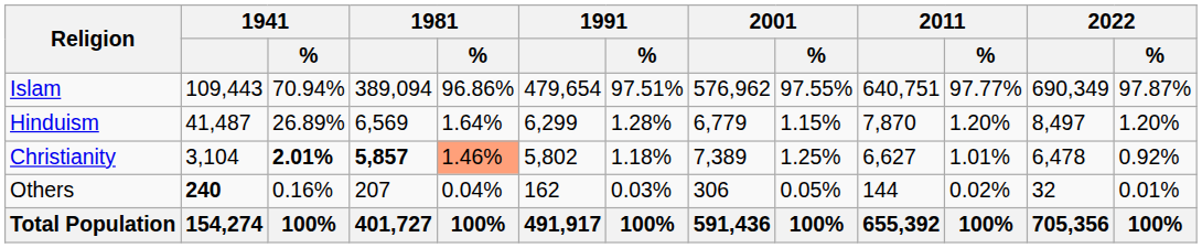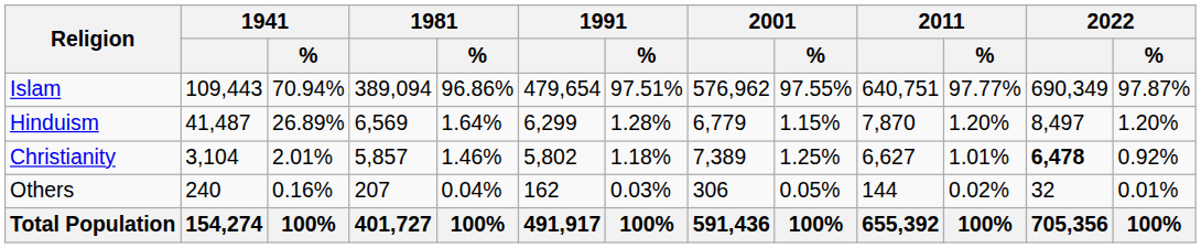 <table class="wikitable sortable">
 <tr>
 <th rowspan="2">Religion</th>
 <th colspan="2">1941</th>
 <th colspan="2">1981</th>
 <th colspan="2">1991</th>
 <th colspan="2">2001</th>
 <th colspan="2">2011</th>
 <th colspan="2">2022</th>
 </tr>
 <tr>
 <th></th>
 <th>%</th>
 <th></th>
 <th>%</th>
 <th></th>
 <th>%</th>
 <th></th>
 <th>%</th>
 <th></th>
 <th>%</th>
 <th></th>
 <th>%</th>
 </tr>
 <tr>
 <td><a href='#'>Islam</a> </td>
 <td>109,443</td>
 <td>70.94%</td>
 <td>389,094</td>
 <td>96.86%</td>
 <td>479,654</td>
 <td>97.51%</td>
 <td>576,962</td>
 <td>97.55%</td>
 <td>640,751</td>
 <td>97.77%</td>
 <td>690,349</td>
 <td>97.87%</td>
 </tr>
 <tr>
 <td><a href='#'>Hinduism</a> </td>
 <td>41,487</td>
 <td>26.89%</td>
 <td>6,569</td>
 <td>1.64%</td>
 <td>6,299</td>
 <td>1.28%</td>
 <td>6,779</td>
 <td>1.15%</td>
 <td>7,870</td>
 <td>1.20%</td>
 <td>8,497</td>
 <td>1.20%</td>
 </tr>
 <tr>
 <td><a href='#'>Christianity</a> </td>
 <td>3,104</td>
-<td><strong>2.01%</strong></td>
-<td><strong>5,857</strong></td>
-<td style="background: lightsalmon;">1.46%</td>
+<td>2.01%</td>
+<td>5,857</td>
+<td>1.46%</td>
 <td>5,802</td>
 <td>1.18%</td>
 <td>7,389</td>
 <td>1.25%</td>
 <td>6,627</td>
 <td>1.01%</td>
-<td>6,478</td>
+<td><strong>6,478</strong></td>
 <td>0.92%</td>
 </tr>
 <tr>
 <td>Others </td>
-<td><strong>240</strong></td>
+<td>240</td>
 <td>0.16%</td>
 <td>207</td>
 <td>0.04%</td>
 <td>162</td>
 <td>0.03%</td>
 <td>306</td>
 <td>0.05%</td>
 <td>144</td>
 <td>0.02%</td>
 <td>32</td>
 <td>0.01%</td>
 </tr>
 <tr>
 <th>Total Population</th>
 <th>154,274</th>
 <th>100%</th>
 <th>401,727</th>
 <th>100%</th>
 <th>491,917</th>
 <th>100%</th>
 <th>591,436</th>
 <th>100%</th>
 <th>655,392</th>
 <th>100%</th>
 <th>705,356</th>
 <th>100%</th>
 </tr>
 </table>
